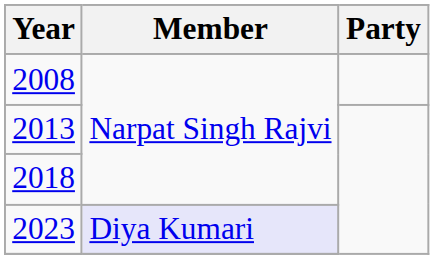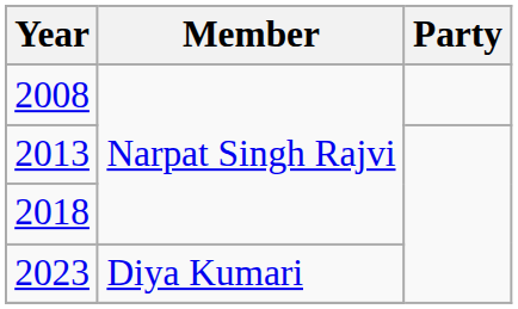 <table class="wikitable sortable">
 <tr>
 <th>Year</th>
 <th>Member</th>
 <th colspan="2">Party</th>
 </tr>
 <tr>
 <td><a href='#'>2008</a></td>
 <td rowspan=3><a href='#'>Narpat Singh Rajvi</a></td>
 <td></td>
 </tr>
 <tr>
 <td><a href='#'>2013</a></td>
 </tr>
 <tr>
 <td><a href='#'>2018</a></td>
 </tr>
 <tr>
 <td><a href='#'>2023</a></td>
-<td style="background: lavender;"><a href='#'>Diya Kumari</a></td>
+<td><a href='#'>Diya Kumari</a></td>
 </tr>
 <tr>
 </tr>
 </table>
